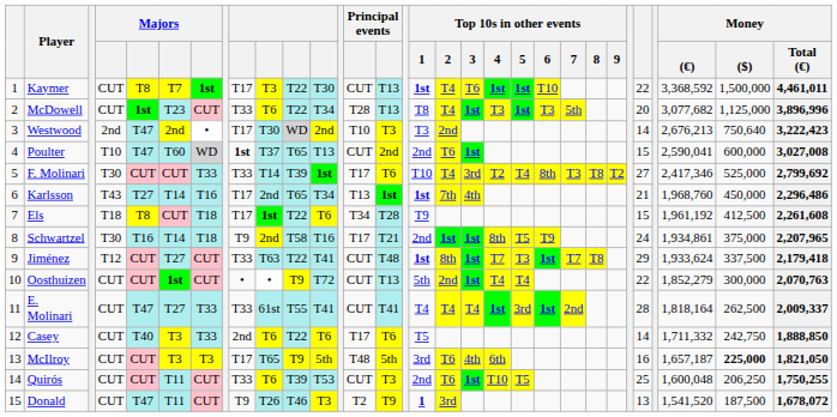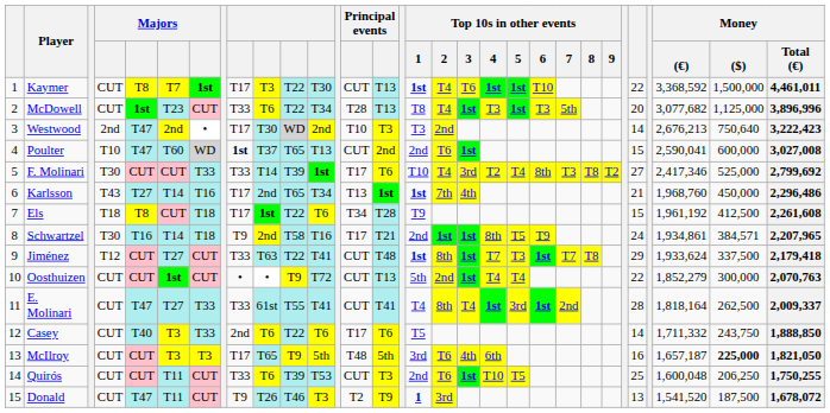 <table class=wikitable style=font-size:85%;text-align:center>
 <tr>
 <th rowspan=2></th>
 <th rowspan="2";>Player</th>
 <th rowspan="32"></th>
 <th colspan=4><a href='#'>Majors</a></th>
 <th rowspan="32"></th>
 <th colspan=4></th>
 <th rowspan="32"></th>
 <th colspan=2>Principal events</th>
 <th rowspan="32"></th>
 <th colspan="9">Top 10s in other  events</th>
 <th rowspan="32"></th>
 <th rowspan=2></th>
 <th rowspan="32"></th>
 <th colspan=3>Money</th>
 </tr>
 <tr>
 <th style="width:25px;"></th>
 <th style="width:25px;"></th>
 <th style="width:25px;"></th>
 <th style="width:25px;"></th>
 <th style="width:25px;"></th>
 <th style="width:25px;"></th>
 <th style="width:25px;"></th>
 <th style="width:25px;"></th>
 <th style="width:25px;"></th>
 <th style="width:25px;"></th>
 <th style="width:25px;">1</th>
 <th style="width:25px;">2</th>
 <th style="width:25px;">3</th>
 <th style="width:25px;">4</th>
 <th style="width:25px;">5</th>
 <th style="width:25px;">6</th>
 <th style="width:25px;">7</th>
 <th style="width:25px;">8</th>
 <th style="width:25px;">9</th>
 <th style=“width:25px;”><br>(€)</th>
 <th style=“width:25px;”><br>($)</th>
 <th style=“width:25px;”>Total<br>(€)</th>
 </tr>
 <tr>
 <td>1</td>
 <td align="left"> <a href='#'>Kaymer</a></td>
 <td>CUT</td>
 <td bgcolor="yellow">T8</td>
 <td bgcolor="yellow">T7</td>
 <td bgcolor="lime"><strong>1st</strong></td>
 <td>T17</td>
 <td bgcolor="yellow">T3</td>
 <td bgcolor="afeeee">T22</td>
 <td bgcolor="afeeee">T30</td>
 <td>CUT</td>
 <td bgcolor="afeeee">T13</td>
 <td><a href='#'><strong>1st</strong></a></td>
 <td bgcolor="yellow"><a href='#'>T4</a></td>
 <td bgcolor="yellow"><a href='#'>T6</a></td>
 <td bgcolor="lime"><a href='#'><strong>1st</strong></a></td>
 <td bgcolor="lime"><a href='#'><strong>1st</strong></a></td>
 <td bgcolor="yellow"><a href='#'>T10</a></td>
 <td bgcolor=""></td>
 <td bgcolor=""></td>
 <td bgcolor=""></td>
 <td>22</td>
 <td>3,368,592</td>
 <td>1,500,000</td>
 <th>4,461,011</th>
 </tr>
 <tr>
 <td>2</td>
 <td align="left"> <a href='#'>McDowell</a></td>
 <td>CUT</td>
 <td bgcolor="lime"><strong>1st</strong></td>
 <td bgcolor="afeeee">T23</td>
 <td bgcolor="pink">CUT</td>
 <td>T33</td>
 <td bgcolor="yellow">T6</td>
 <td bgcolor="afeeee">T22</td>
 <td bgcolor="afeeee">T34</td>
 <td>T28</td>
 <td bgcolor="afeeee">T13</td>
 <td><a href='#'>T8</a></td>
 <td bgcolor="yellow"><a href='#'>T4</a></td>
 <td bgcolor="lime"><a href='#'><strong>1st</strong></a></td>
 <td bgcolor="yellow"><a href='#'>T3</a></td>
 <td bgcolor="lime"><a href='#'><strong>1st</strong></a></td>
 <td bgcolor="yellow"><a href='#'>T3</a></td>
 <td bgcolor="yellow"><a href='#'>5th</a></td>
 <td bgcolor=""></td>
 <td bgcolor=""></td>
 <td>20</td>
 <td>3,077,682</td>
 <td>1,125,000</td>
 <th>3,896,996</th>
 </tr>
 <tr>
 <td>3</td>
 <td align="left"> <a href='#'>Westwood</a></td>
 <td>2nd</td>
 <td bgcolor="afeeee">T47</td>
 <td bgcolor="yellow">2nd</td>
 <td style="background:white">•</td>
 <td>T17</td>
 <td bgcolor="afeeee">T30</td>
 <td bgcolor="lightgrey">WD</td>
 <td bgcolor="yellow">2nd</td>
 <td>T10</td>
 <td bgcolor="yellow">T3</td>
 <td><a href='#'>T3</a></td>
 <td bgcolor="yellow"><a href='#'>2nd</a></td>
 <td bgcolor=""></td>
 <td bgcolor=""></td>
 <td bgcolor=""></td>
 <td bgcolor=""></td>
 <td bgcolor=""></td>
 <td bgcolor=""></td>
 <td bgcolor=""></td>
 <td>14</td>
 <td>2,676,213</td>
 <td>750,640</td>
 <th>3,222,423</th>
 </tr>
 <tr>
 <td>4</td>
 <td align="left"> <a href='#'>Poulter</a></td>
 <td>T10</td>
 <td bgcolor="afeeee">T47</td>
 <td bgcolor="afeeee">T60</td>
 <td bgcolor="lightgrey">WD</td>
 <td><strong>1st</strong></td>
 <td bgcolor="afeeee">T37</td>
 <td bgcolor="afeeee">T65</td>
 <td bgcolor="afeeee">T13</td>
 <td>CUT</td>
 <td bgcolor="yellow">2nd</td>
 <td><a href='#'>2nd</a></td>
 <td bgcolor="yellow"><a href='#'>T6</a></td>
 <td bgcolor="lime"><a href='#'><strong>1st</strong></a></td>
 <td bgcolor=""></td>
 <td bgcolor=""></td>
 <td bgcolor=""></td>
 <td bgcolor=""></td>
 <td bgcolor=""></td>
 <td bgcolor=""></td>
 <td>15</td>
 <td>2,590,041</td>
 <td>600,000</td>
 <th>3,027,008</th>
 </tr>
 <tr>
 <td>5</td>
 <td align="left"> <a href='#'>F. Molinari</a></td>
 <td>T30</td>
 <td bgcolor="pink">CUT</td>
 <td bgcolor="pink">CUT</td>
 <td bgcolor="afeeee">T33</td>
 <td>T33</td>
 <td bgcolor="afeeee">T14</td>
 <td bgcolor="afeeee">T39</td>
 <td bgcolor="lime"><strong>1st</strong></td>
 <td>T17</td>
 <td bgcolor="yellow">T6</td>
 <td><a href='#'>T10</a></td>
 <td bgcolor="yellow"><a href='#'>T4</a></td>
 <td bgcolor="yellow"><a href='#'>3rd</a></td>
 <td bgcolor="yellow"><a href='#'>T2</a></td>
 <td bgcolor="yellow"><a href='#'>T4</a></td>
 <td bgcolor="yellow"><a href='#'>8th</a></td>
 <td bgcolor="yellow"><a href='#'>T3</a></td>
 <td bgcolor="yellow"><a href='#'>T8</a></td>
 <td bgcolor="yellow"><a href='#'>T2</a></td>
 <td>27</td>
 <td>2,417,346</td>
 <td>525,000</td>
 <th>2,799,692</th>
 </tr>
 <tr>
 <td>6</td>
 <td align="left"> <a href='#'>Karlsson</a></td>
 <td>T43</td>
 <td bgcolor="afeeee">T27</td>
 <td bgcolor="afeeee">T14</td>
 <td bgcolor="afeeee">T16</td>
 <td>T17</td>
 <td bgcolor="afeeee">2nd</td>
 <td bgcolor="afeeee">T65</td>
 <td bgcolor="afeeee">T34</td>
 <td>T13</td>
 <td bgcolor="lime"><strong>1st</strong></td>
 <td><a href='#'><strong>1st</strong></a></td>
 <td bgcolor="yellow"><a href='#'>7th</a></td>
 <td bgcolor="yellow"><a href='#'>4th</a></td>
 <td bgcolor=""></td>
 <td bgcolor=""></td>
 <td bgcolor=""></td>
 <td bgcolor=""></td>
 <td bgcolor=""></td>
 <td bgcolor=""></td>
 <td>21</td>
 <td>1,968,760</td>
 <td>450,000</td>
 <th>2,296,486</th>
 </tr>
 <tr>
 <td>7</td>
 <td align="left"> <a href='#'>Els</a></td>
 <td>T18</td>
 <td bgcolor="yellow">T8</td>
 <td bgcolor="pink">CUT</td>
 <td bgcolor="afeeee">T18</td>
 <td>T17</td>
 <td bgcolor="lime"><strong>1st</strong></td>
 <td bgcolor="afeeee">T22</td>
 <td bgcolor="yellow">T6</td>
 <td>T34</td>
 <td bgcolor="afeeee">T28</td>
 <td><a href='#'>T9</a></td>
 <td bgcolor=""></td>
 <td bgcolor=""></td>
 <td bgcolor=""></td>
 <td bgcolor=""></td>
 <td bgcolor=""></td>
 <td bgcolor=""></td>
 <td bgcolor=""></td>
 <td bgcolor=""></td>
 <td>15</td>
 <td>1,961,192</td>
 <td>412,500</td>
 <th>2,261,608</th>
 </tr>
 <tr>
 <td>8</td>
 <td align="left"> <a href='#'>Schwartzel</a></td>
 <td>T30</td>
 <td bgcolor="afeeee">T16</td>
 <td bgcolor="afeeee">T14</td>
 <td bgcolor="afeeee">T18</td>
 <td>T9</td>
 <td bgcolor="yellow">2nd</td>
 <td bgcolor="afeeee">T58</td>
 <td bgcolor="afeeee">T16</td>
 <td>T17</td>
 <td bgcolor="afeeee">T21</td>
 <td><a href='#'>2nd</a></td>
 <td bgcolor="lime"><a href='#'><strong>1st</strong></a></td>
 <td bgcolor="lime"><a href='#'><strong>1st</strong></a></td>
 <td bgcolor="yellow"><a href='#'>8th</a></td>
 <td bgcolor="yellow"><a href='#'>T5</a></td>
 <td bgcolor="yellow"><a href='#'>T9</a></td>
 <td bgcolor=""></td>
 <td bgcolor=""></td>
 <td bgcolor=""></td>
 <td>24</td>
 <td>1,934,861</td>
-<td>375,000</td>
+<td>384,571</td>
 <th>2,207,965</th>
 </tr>
 <tr>
 <td>9</td>
 <td align="left"> <a href='#'>Jiménez</a></td>
 <td>T12</td>
 <td bgcolor="pink">CUT</td>
 <td bgcolor="afeeee">T27</td>
 <td bgcolor="pink">CUT</td>
 <td>T33</td>
 <td bgcolor="afeeee">T63</td>
 <td bgcolor="afeeee">T22</td>
 <td bgcolor="afeeee">T41</td>
 <td>CUT</td>
 <td bgcolor="afeeee">T48</td>
 <td><a href='#'><strong>1st</strong></a></td>
 <td bgcolor="yellow"><a href='#'>8th</a></td>
 <td bgcolor="lime"><a href='#'><strong>1st</strong></a></td>
 <td bgcolor="yellow"><a href='#'>T7</a></td>
 <td bgcolor="yellow"><a href='#'>T3</a></td>
 <td bgcolor="lime"><a href='#'><strong>1st</strong></a></td>
 <td bgcolor="yellow"><a href='#'>T7</a></td>
 <td bgcolor="yellow"><a href='#'>T8</a></td>
 <td bgcolor=""></td>
 <td>29</td>
 <td>1,933,624</td>
 <td>337,500</td>
 <th>2,179,418</th>
 </tr>
 <tr>
 <td>10</td>
 <td align="left"> <a href='#'>Oosthuizen</a></td>
 <td>CUT</td>
 <td bgcolor="pink">CUT</td>
 <td bgcolor="lime"><strong>1st</strong></td>
 <td bgcolor="pink">CUT</td>
 <td>•</td>
 <td style="background:white">•</td>
 <td bgcolor="yellow">T9</td>
 <td bgcolor="afeeee">T72</td>
 <td>CUT</td>
 <td bgcolor="afeeee">T13</td>
 <td><a href='#'>5th</a></td>
 <td bgcolor="yellow"><a href='#'>2nd</a></td>
 <td bgcolor="lime"><a href='#'><strong>1st</strong></a></td>
 <td bgcolor="yellow"><a href='#'>T4</a></td>
 <td bgcolor="yellow"><a href='#'>T4</a></td>
 <td bgcolor=""></td>
 <td bgcolor=""></td>
 <td bgcolor=""></td>
 <td bgcolor=""></td>
 <td>22</td>
 <td>1,852,279</td>
 <td>300,000</td>
 <th>2,070,763</th>
 </tr>
 <tr>
 <td>11</td>
 <td align="left"> <a href='#'>E. Molinari</a></td>
 <td>CUT</td>
 <td bgcolor="afeeee">T47</td>
 <td bgcolor="afeeee">T27</td>
 <td bgcolor="afeeee">T33</td>
 <td>T33</td>
 <td bgcolor="afeeee">61st</td>
 <td bgcolor="afeeee">T55</td>
 <td bgcolor="afeeee">T41</td>
 <td>CUT</td>
 <td bgcolor="afeeee">T41</td>
 <td><a href='#'>T4</a></td>
-<td bgcolor="yellow"><a href='#'>T4</a></td>
+<td bgcolor="yellow"><a href='#'>8th</a></td>
 <td bgcolor="yellow"><a href='#'>T4</a></td>
 <td bgcolor="lime"><a href='#'><strong>1st</strong></a></td>
 <td bgcolor="yellow"><a href='#'>3rd</a></td>
 <td bgcolor="lime"><a href='#'><strong>1st</strong></a></td>
 <td bgcolor="yellow"><a href='#'>2nd</a></td>
 <td bgcolor=""></td>
 <td bgcolor=""></td>
 <td>28</td>
 <td>1,818,164</td>
 <td>262,500</td>
 <th>2,009,337</th>
 </tr>
 <tr>
 <td>12</td>
 <td align="left"> <a href='#'>Casey</a></td>
 <td>CUT</td>
 <td bgcolor="afeeee">T40</td>
 <td bgcolor="yellow">T3</td>
 <td bgcolor="afeeee">T33</td>
 <td>2nd</td>
 <td bgcolor="yellow">T6</td>
 <td bgcolor="afeeee">T22</td>
 <td bgcolor="yellow">T6</td>
 <td>T17</td>
 <td bgcolor="yellow">T6</td>
 <td><a href='#'>T5</a></td>
 <td bgcolor=""></td>
 <td bgcolor=""></td>
 <td bgcolor=""></td>
 <td bgcolor=""></td>
 <td bgcolor=""></td>
 <td bgcolor=""></td>
 <td bgcolor=""></td>
 <td bgcolor=""></td>
 <td>14</td>
 <td>1,711,332</td>
-<td>242,750</td>
+<td>243,750</td>
 <th>1,888,850</th>
 </tr>
 <tr>
 <td>13</td>
 <td align="left"> <a href='#'>McIlroy</a></td>
 <td>CUT</td>
 <td bgcolor="pink">CUT</td>
 <td bgcolor="yellow">T3</td>
 <td bgcolor="yellow">T3</td>
 <td>T17</td>
 <td bgcolor="afeeee">T65</td>
 <td bgcolor="yellow">T9</td>
 <td bgcolor="yellow">5th</td>
 <td>T48</td>
 <td bgcolor="yellow">5th</td>
 <td><a href='#'>3rd</a></td>
 <td bgcolor="yellow"><a href='#'>T6</a></td>
 <td bgcolor="yellow"><a href='#'>4th</a></td>
 <td bgcolor="yellow"><a href='#'>6th</a></td>
 <td bgcolor=""></td>
 <td bgcolor=""></td>
 <td bgcolor=""></td>
 <td bgcolor=""></td>
 <td bgcolor=""></td>
 <td>16</td>
 <td>1,657,187</td>
 <td><strong>225,000</strong></td>
 <th>1,821,050</th>
 </tr>
 <tr>
 <td>14</td>
 <td align="left"> <a href='#'>Quirós</a></td>
 <td>CUT</td>
 <td bgcolor="pink">CUT</td>
 <td bgcolor="afeeee">T11</td>
 <td bgcolor="pink">CUT</td>
 <td>T33</td>
 <td bgcolor="yellow">T6</td>
 <td bgcolor="afeeee">T39</td>
 <td bgcolor="afeeee">T53</td>
 <td>CUT</td>
 <td bgcolor="yellow">T3</td>
 <td><a href='#'>2nd</a></td>
 <td bgcolor="yellow"><a href='#'>T6</a></td>
 <td bgcolor="lime"><a href='#'><strong>1st</strong></a></td>
 <td bgcolor="yellow"><a href='#'>T10</a></td>
 <td bgcolor="yellow"><a href='#'>T5</a></td>
 <td bgcolor=""></td>
 <td bgcolor=""></td>
 <td bgcolor=""></td>
 <td bgcolor=""></td>
 <td>25</td>
 <td>1,600,048</td>
 <td>206,250</td>
 <th>1,750,255</th>
 </tr>
 <tr>
 <td>15</td>
 <td align="left"> <a href='#'>Donald</a></td>
 <td>CUT</td>
 <td bgcolor="afeeee">T47</td>
 <td bgcolor="afeeee">T11</td>
 <td bgcolor="pink">CUT</td>
 <td>T9</td>
 <td bgcolor="afeeee">T26</td>
 <td bgcolor="afeeee">T46</td>
 <td bgcolor="yellow">T3</td>
 <td>T2</td>
 <td bgcolor="yellow">T9</td>
 <td><a href='#'><strong>1</strong></a></td>
 <td bgcolor="yellow"><a href='#'>3rd</a></td>
 <td bgcolor=""></td>
 <td bgcolor=""></td>
 <td bgcolor=""></td>
 <td bgcolor=""></td>
 <td bgcolor=""></td>
 <td bgcolor=""></td>
 <td bgcolor=""></td>
 <td>13</td>
 <td>1,541,520</td>
 <td>187,500</td>
 <th>1,678,072</th>
 </tr>
 </table>
